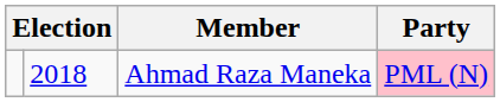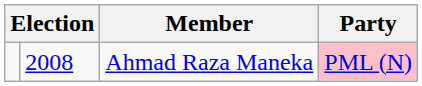 <table class="wikitable">
 <tr>
 <th colspan="2">Election</th>
 <th>Member</th>
 <th>Party</th>
 </tr>
 <tr>
 <td style="background-color: "></td>
-<td><a href='#'>2018</a></td>
+<td><a href='#'>2008</a></td>
 <td><a href='#'>Ahmad Raza Maneka</a></td>
 <td style="background: pink;"><a href='#'>PML (N)</a></td>
 </tr>
 </table>
